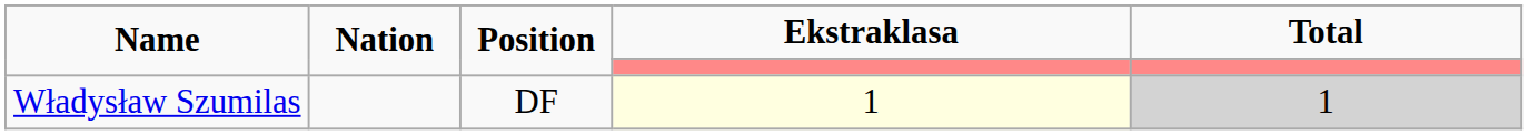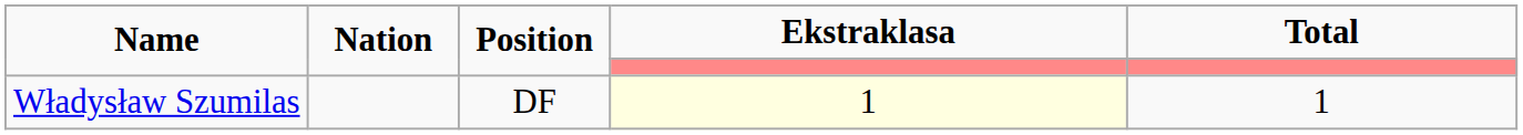 <table class="wikitable" style="font-size: 100%; text-align: center;">
 <tr>
 <td rowspan="2" width="20%" align="center"><strong>Name</strong></td>
 <td rowspan="2" width="10%" align="center"><strong>Nation</strong></td>
 <td rowspan="2" width="10%" align="center"><strong>Position</strong></td>
 <td colspan="1" align="center"><strong>Ekstraklasa</strong></td>
 <td colspan="1" align="center"><strong>Total</strong></td>
 </tr>
 <tr>
 <th width=60 style="background: #FF8888"></th>
 <th width=60 style="background: #FF8888"></th>
 </tr>
 <tr>
 <td><a href='#'>Władysław Szumilas</a></td>
 <td></td>
 <td>DF</td>
 <td style="background: lightyellow;">1</td>
-<td style="background: lightgrey;">1</td>
+<td>1</td>
 </tr>
 </table>
